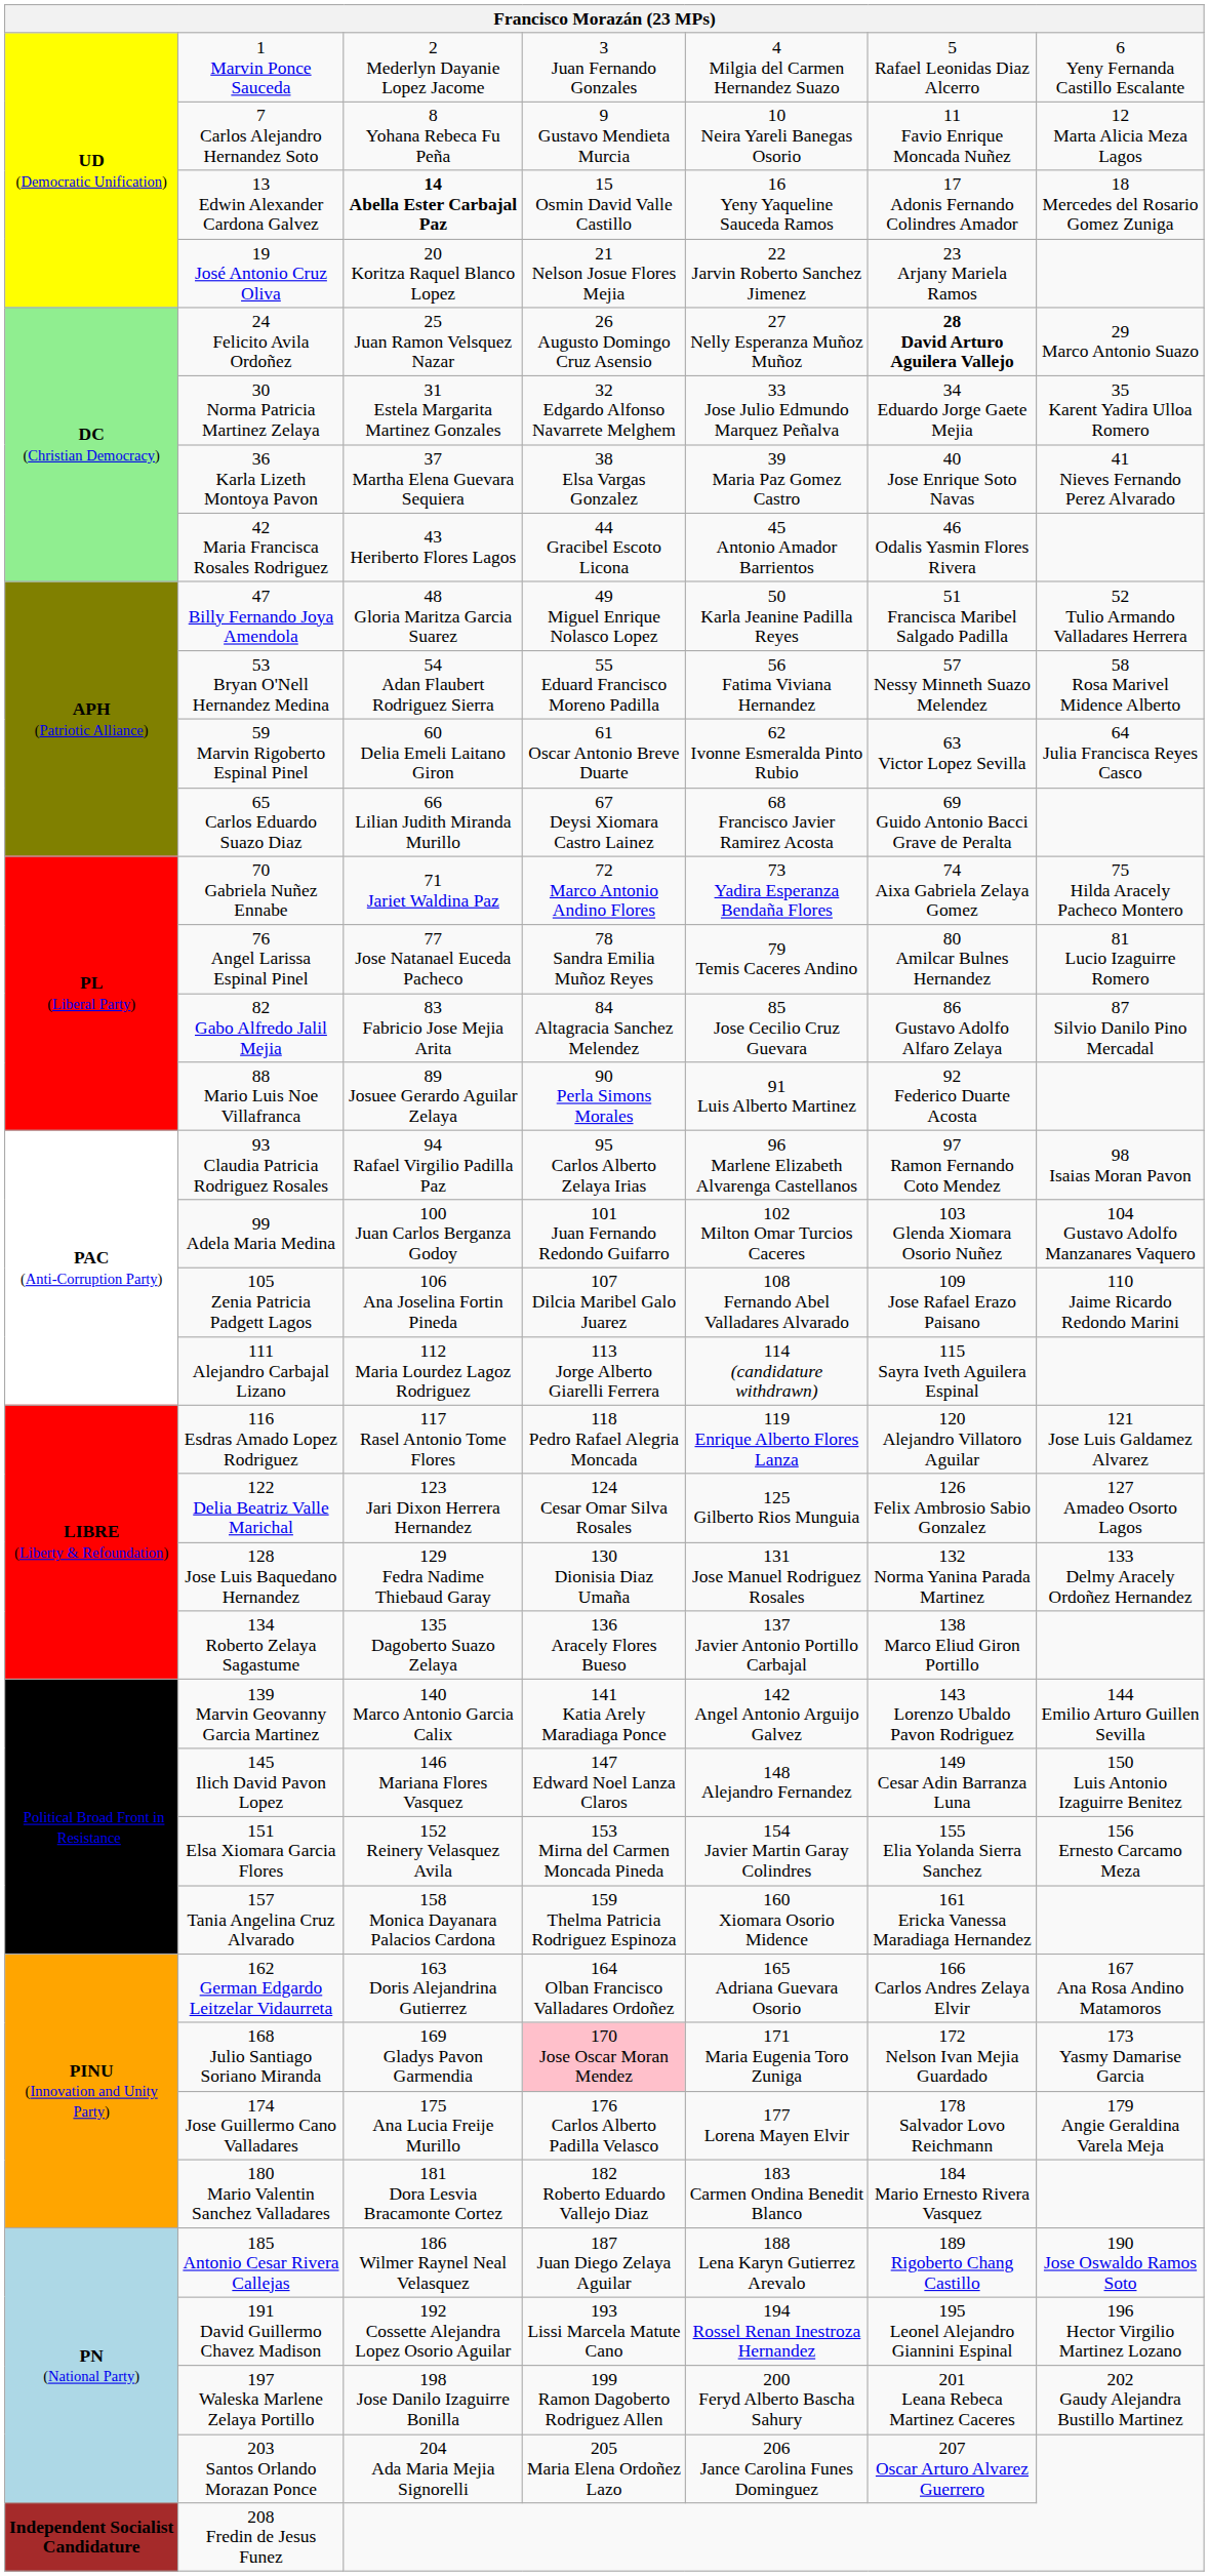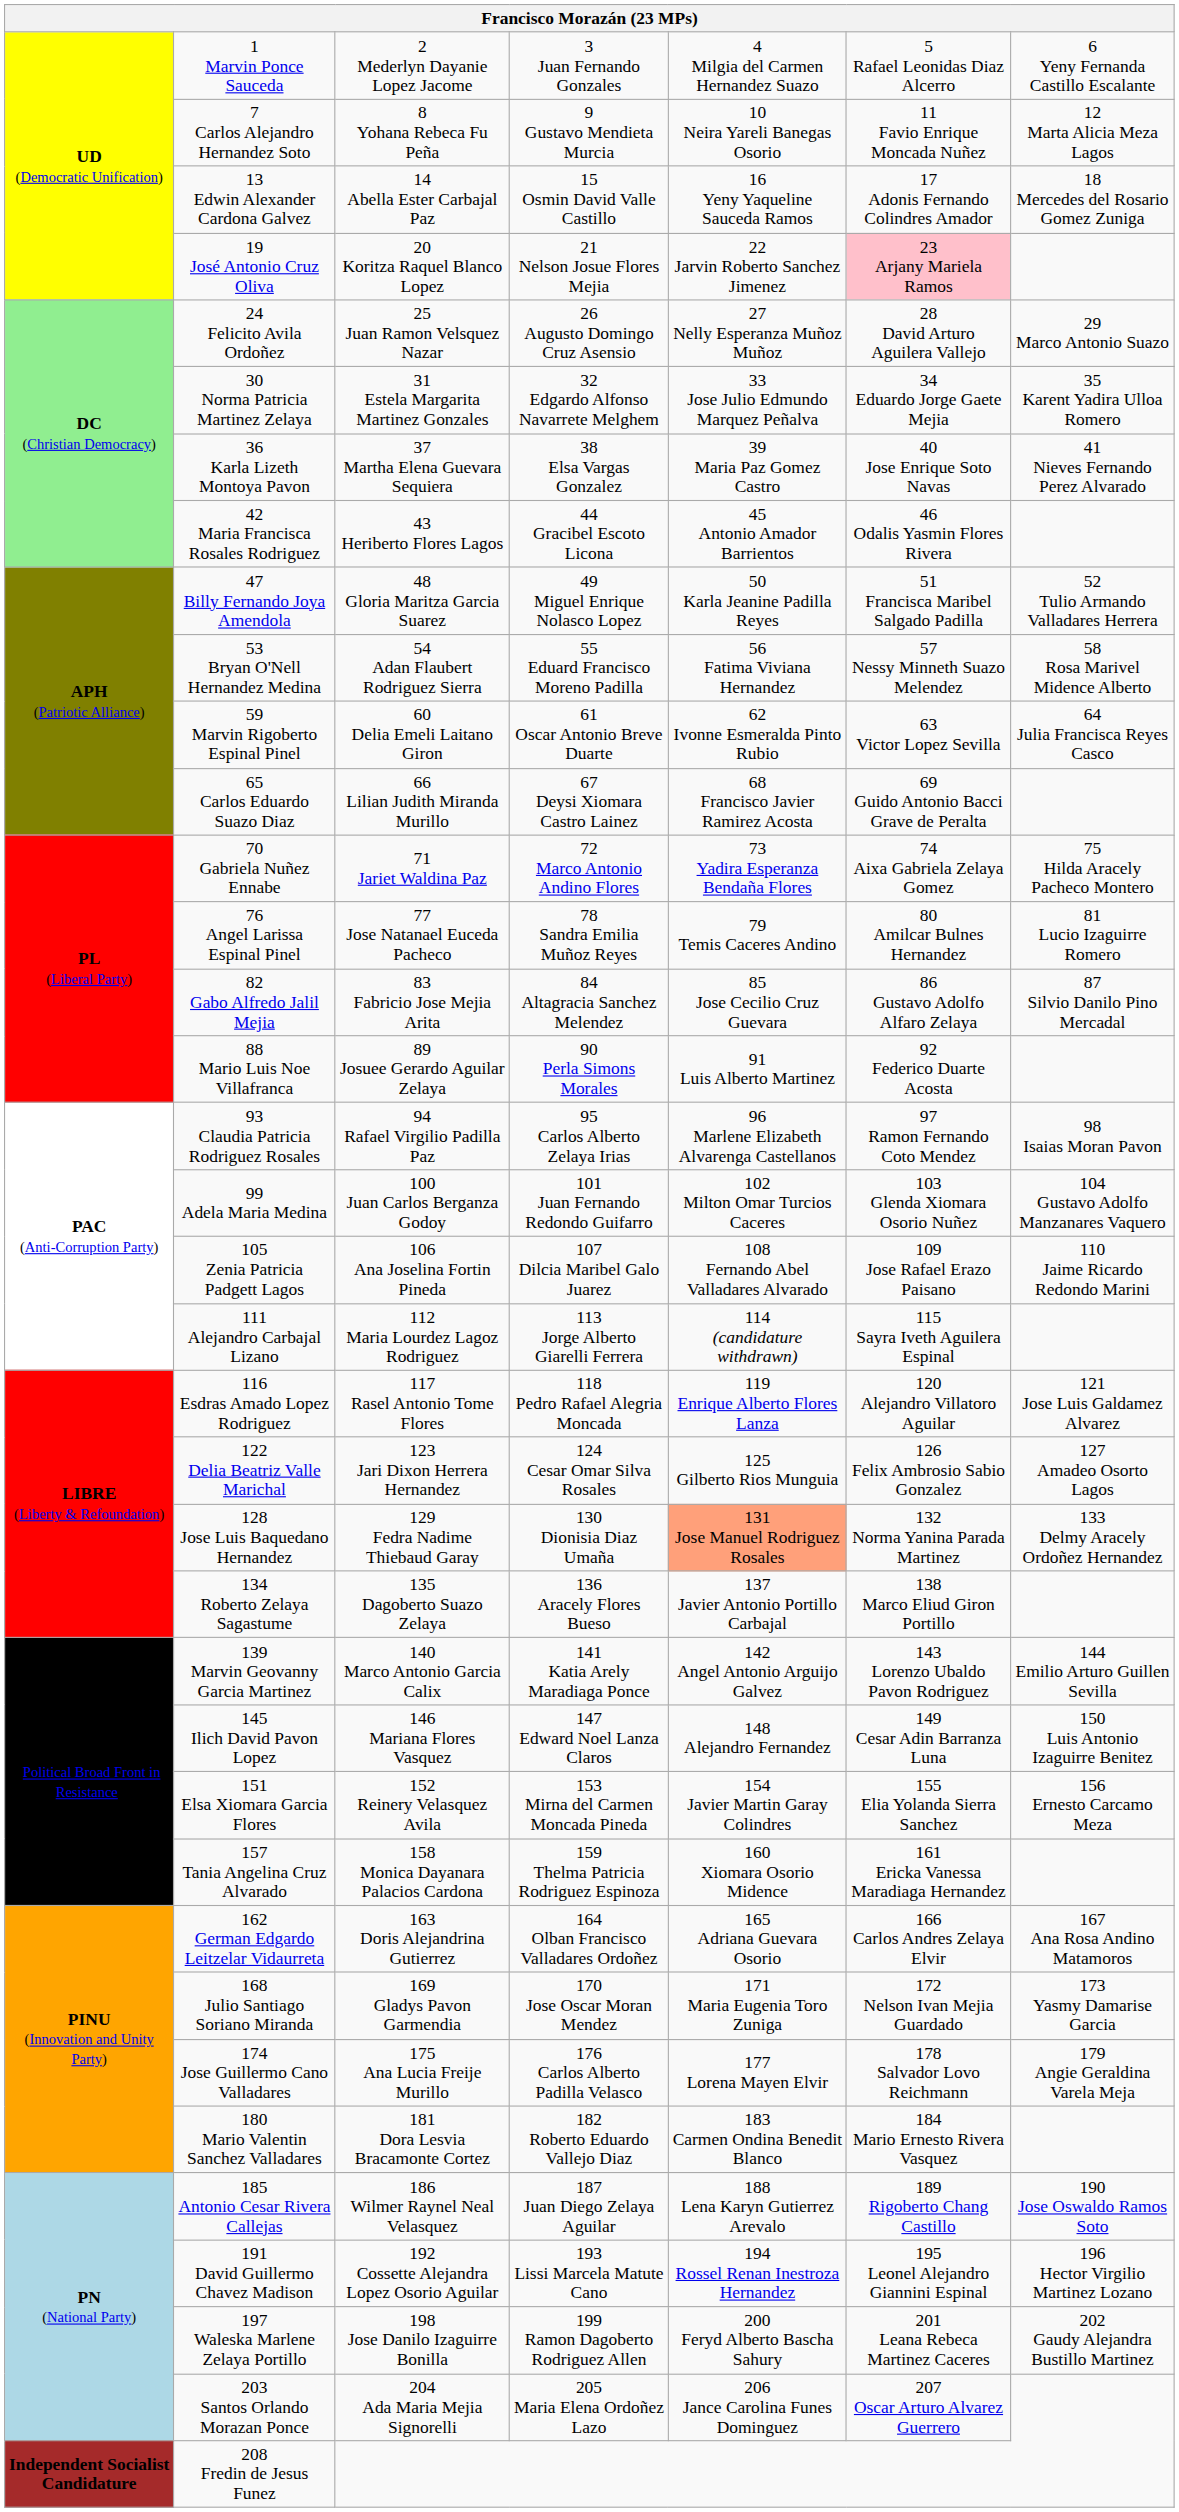 <table class="wikitable" align="center" style="width: 85%">
 <tr>
 <th colspan=24>Francisco Morazán (23 MPs)</th>
 </tr>
 <tr align="center">
 <td bgcolor="yellow" rowspan=4><span><span><strong>UD</strong></span></span><br><small>(<a href='#'>Democratic Unification</a>)</small></td>
 <td>1<br><a href='#'>Marvin Ponce Sauceda</a></td>
 <td>2<br>Mederlyn Dayanie Lopez Jacome</td>
 <td>3<br>Juan Fernando Gonzales</td>
 <td>4<br>Milgia del Carmen Hernandez Suazo</td>
 <td>5<br>Rafael Leonidas Diaz Alcerro</td>
 <td>6<br>Yeny Fernanda Castillo Escalante</td>
 </tr>
 <tr align="center">
 <td>7<br>Carlos Alejandro Hernandez Soto</td>
 <td>8<br>Yohana Rebeca Fu Peña</td>
 <td>9<br>Gustavo Mendieta Murcia</td>
 <td>10<br>Neira Yareli Banegas Osorio</td>
 <td>11<br>Favio Enrique Moncada Nuñez</td>
 <td>12<br>Marta Alicia Meza Lagos</td>
 </tr>
 <tr align="center">
 <td>13<br>Edwin Alexander Cardona Galvez</td>
-<td><strong>14<br>Abella Ester Carbajal Paz</strong></td>
+<td>14<br>Abella Ester Carbajal Paz</td>
 <td>15<br>Osmin David Valle Castillo</td>
 <td>16<br>Yeny Yaqueline Sauceda Ramos</td>
 <td>17<br>Adonis Fernando Colindres Amador</td>
 <td>18<br>Mercedes del Rosario Gomez Zuniga</td>
 </tr>
 <tr align="center">
 <td>19<br><a href='#'>José Antonio Cruz Oliva</a></td>
 <td>20<br>Koritza Raquel Blanco Lopez</td>
 <td>21<br>Nelson Josue Flores Mejia</td>
 <td>22<br>Jarvin Roberto Sanchez Jimenez</td>
-<td>23<br>Arjany Mariela Ramos</td>
+<td style="background: pink;">23<br>Arjany Mariela Ramos</td>
 </tr>
 <tr align="center">
 <td bgcolor="lightgreen" rowspan=4><span><span><strong>DC</strong></span></span><br><small>(<a href='#'>Christian Democracy</a>)</small></td>
 <td>24<br>Felicito Avila Ordoñez</td>
 <td>25<br>Juan Ramon Velsquez Nazar</td>
 <td>26<br>Augusto Domingo Cruz Asensio</td>
 <td>27<br>Nelly Esperanza Muñoz Muñoz</td>
-<td><strong>28<br>David Arturo Aguilera Vallejo</strong></td>
+<td>28<br>David Arturo Aguilera Vallejo</td>
 <td>29<br>Marco Antonio Suazo</td>
 </tr>
 <tr align="center">
 <td>30<br>Norma Patricia Martinez Zelaya</td>
 <td>31<br>Estela Margarita Martinez Gonzales</td>
 <td>32<br>Edgardo Alfonso Navarrete Melghem</td>
 <td>33<br>Jose Julio Edmundo Marquez Peñalva</td>
 <td>34<br>Eduardo Jorge Gaete Mejia</td>
 <td>35<br>Karent Yadira Ulloa Romero</td>
 </tr>
 <tr align="center">
 <td>36<br>Karla Lizeth Montoya Pavon</td>
 <td>37<br>Martha Elena Guevara Sequiera</td>
 <td>38<br>Elsa Vargas Gonzalez</td>
 <td>39<br>Maria Paz Gomez Castro</td>
 <td>40<br>Jose Enrique Soto Navas</td>
 <td>41<br>Nieves Fernando Perez Alvarado</td>
 </tr>
 <tr align="center">
 <td>42<br>Maria Francisca Rosales Rodriguez</td>
 <td>43<br>Heriberto Flores Lagos</td>
 <td>44<br>Gracibel Escoto Licona</td>
 <td>45<br>Antonio Amador Barrientos</td>
 <td>46<br>Odalis Yasmin Flores Rivera</td>
 </tr>
 <tr align="center">
 <td bgcolor="olive" rowspan=4><span><span><strong>APH</strong></span></span><br><small>(<a href='#'>Patriotic Alliance</a>)</small></td>
 <td>47<br><a href='#'>Billy Fernando Joya Amendola</a></td>
 <td>48<br>Gloria Maritza Garcia Suarez</td>
 <td>49<br>Miguel Enrique Nolasco Lopez</td>
 <td>50<br>Karla Jeanine Padilla Reyes</td>
 <td>51<br>Francisca Maribel Salgado Padilla</td>
 <td>52<br>Tulio Armando Valladares Herrera</td>
 </tr>
 <tr align="center">
 <td>53<br>Bryan O'Nell Hernandez Medina</td>
 <td>54<br>Adan Flaubert Rodriguez Sierra</td>
 <td>55<br>Eduard Francisco Moreno Padilla</td>
 <td>56<br>Fatima Viviana Hernandez</td>
 <td>57<br>Nessy Minneth Suazo Melendez</td>
 <td>58<br>Rosa Marivel Midence Alberto</td>
 </tr>
 <tr align="center">
 <td>59<br>Marvin Rigoberto Espinal Pinel</td>
 <td>60<br>Delia Emeli Laitano Giron</td>
 <td>61<br>Oscar Antonio Breve Duarte</td>
 <td>62<br>Ivonne Esmeralda Pinto Rubio</td>
 <td>63<br>Victor Lopez Sevilla</td>
 <td>64<br>Julia Francisca Reyes Casco</td>
 </tr>
 <tr align="center">
 <td>65<br>Carlos Eduardo Suazo Diaz</td>
 <td>66<br>Lilian Judith Miranda Murillo</td>
 <td>67<br>Deysi Xiomara Castro Lainez</td>
 <td>68<br>Francisco Javier Ramirez Acosta</td>
 <td>69<br>Guido Antonio Bacci Grave de Peralta</td>
 </tr>
 <tr align="center">
 <td bgcolor="red" rowspan=4><span><span><strong>PL</strong></span></span><br><small>(<a href='#'>Liberal Party</a>)</small></td>
 <td>70<br>Gabriela Nuñez Ennabe</td>
 <td>71<br><a href='#'>Jariet Waldina Paz</a></td>
 <td>72<br><a href='#'>Marco Antonio Andino Flores</a></td>
 <td>73<br><a href='#'>Yadira Esperanza Bendaña Flores</a></td>
 <td>74<br>Aixa Gabriela Zelaya Gomez</td>
 <td>75<br>Hilda Aracely Pacheco Montero</td>
 </tr>
 <tr align="center">
 <td>76<br>Angel Larissa Espinal Pinel</td>
 <td>77<br>Jose Natanael Euceda Pacheco</td>
 <td>78<br>Sandra Emilia Muñoz Reyes</td>
 <td>79<br>Temis Caceres Andino</td>
 <td>80<br>Amilcar Bulnes Hernandez</td>
 <td>81<br>Lucio Izaguirre Romero</td>
 </tr>
 <tr align="center">
 <td>82<br><a href='#'>Gabo Alfredo Jalil Mejia</a></td>
 <td>83<br>Fabricio Jose Mejia Arita</td>
 <td>84<br>Altagracia Sanchez Melendez</td>
 <td>85<br>Jose Cecilio Cruz Guevara</td>
 <td>86<br>Gustavo Adolfo Alfaro Zelaya</td>
 <td>87<br>Silvio Danilo Pino Mercadal</td>
 </tr>
 <tr align="center">
 <td>88<br>Mario Luis Noe Villafranca</td>
 <td>89<br>Josuee Gerardo Aguilar Zelaya</td>
 <td>90<br><a href='#'>Perla Simons Morales</a></td>
 <td>91<br>Luis Alberto Martinez</td>
 <td>92<br>Federico Duarte Acosta</td>
 </tr>
 <tr align="center">
 <td bgcolor="white" rowspan=4><span><span><strong>PAC</strong></span></span><br><small>(<a href='#'>Anti-Corruption Party</a>)</small></td>
 <td>93<br>Claudia Patricia Rodriguez Rosales</td>
 <td>94<br>Rafael Virgilio Padilla Paz</td>
 <td>95<br>Carlos Alberto Zelaya Irias</td>
 <td>96<br>Marlene Elizabeth Alvarenga Castellanos</td>
 <td>97<br>Ramon Fernando Coto Mendez</td>
 <td>98<br>Isaias Moran Pavon</td>
 </tr>
 <tr align="center">
 <td>99<br>Adela Maria Medina</td>
 <td>100<br>Juan Carlos Berganza Godoy</td>
 <td>101<br>Juan Fernando Redondo Guifarro</td>
 <td>102<br>Milton Omar Turcios Caceres</td>
 <td>103<br>Glenda Xiomara Osorio Nuñez</td>
 <td>104<br>Gustavo Adolfo Manzanares Vaquero</td>
 </tr>
 <tr align="center">
 <td>105<br>Zenia Patricia Padgett Lagos</td>
 <td>106<br>Ana Joselina Fortin Pineda</td>
 <td>107<br>Dilcia Maribel Galo Juarez</td>
 <td>108<br>Fernando Abel Valladares Alvarado</td>
 <td>109<br>Jose Rafael Erazo Paisano</td>
 <td>110<br>Jaime Ricardo Redondo Marini</td>
 </tr>
 <tr align="center">
 <td>111<br>Alejandro Carbajal Lizano</td>
 <td>112<br>Maria Lourdez Lagoz Rodriguez</td>
 <td>113<br>Jorge Alberto Giarelli Ferrera</td>
 <td>114<br><em>(candidature withdrawn)</em></td>
 <td>115<br>Sayra Iveth Aguilera Espinal</td>
 </tr>
 <tr align="center">
 <td bgcolor="red" rowspan=4><span><span><strong>LIBRE</strong></span></span><br><small>(<a href='#'>Liberty & Refoundation</a>)</small></td>
 <td>116<br>Esdras Amado Lopez Rodriguez</td>
 <td>117<br>Rasel Antonio Tome Flores</td>
 <td>118<br>Pedro Rafael Alegria Moncada</td>
 <td>119<br><a href='#'>Enrique Alberto Flores Lanza</a></td>
 <td>120<br>Alejandro Villatoro Aguilar</td>
 <td>121<br>Jose Luis Galdamez Alvarez</td>
 </tr>
 <tr align="center">
 <td>122<br><a href='#'>Delia Beatriz Valle Marichal</a></td>
 <td>123<br>Jari Dixon Herrera Hernandez</td>
 <td>124<br>Cesar Omar Silva Rosales</td>
 <td>125<br>Gilberto Rios Munguia</td>
 <td>126<br>Felix Ambrosio Sabio Gonzalez</td>
 <td>127<br>Amadeo Osorto Lagos</td>
 </tr>
 <tr align="center">
 <td>128<br>Jose Luis Baquedano Hernandez</td>
 <td>129<br>Fedra Nadime Thiebaud Garay</td>
 <td>130<br>Dionisia Diaz Umaña</td>
-<td>131<br>Jose Manuel Rodriguez Rosales</td>
+<td style="background: lightsalmon;">131<br>Jose Manuel Rodriguez Rosales</td>
 <td>132<br>Norma Yanina Parada Martinez</td>
 <td>133<br>Delmy Aracely Ordoñez Hernandez</td>
 </tr>
 <tr align="center">
 <td>134<br>Roberto Zelaya Sagastume</td>
 <td>135<br>Dagoberto Suazo Zelaya</td>
 <td>136<br>Aracely Flores Bueso</td>
 <td>137<br>Javier Antonio Portillo Carbajal</td>
 <td>138<br>Marco Eliud Giron Portillo</td>
 </tr>
 <tr align="center">
 <td bgcolor="black" rowspan=4><span><span><strong>FAPER</strong></span></span><br><small>(<a href='#'>Political Broad Front in Resistance</a>)</small></td>
 <td>139<br>Marvin Geovanny Garcia Martinez</td>
 <td>140<br>Marco Antonio Garcia Calix</td>
 <td>141<br>Katia Arely Maradiaga Ponce</td>
 <td>142<br>Angel Antonio Arguijo Galvez</td>
 <td>143<br>Lorenzo Ubaldo Pavon Rodriguez</td>
 <td>144<br>Emilio Arturo Guillen Sevilla</td>
 </tr>
 <tr align="center">
 <td>145<br>Ilich David Pavon Lopez</td>
 <td>146<br>Mariana Flores Vasquez</td>
 <td>147<br>Edward Noel Lanza Claros</td>
 <td>148<br>Alejandro Fernandez</td>
 <td>149<br>Cesar Adin Barranza Luna</td>
 <td>150<br>Luis Antonio Izaguirre Benitez</td>
 </tr>
 <tr align="center">
 <td>151<br>Elsa Xiomara Garcia Flores</td>
 <td>152<br>Reinery Velasquez Avila</td>
 <td>153<br>Mirna del Carmen Moncada Pineda</td>
 <td>154<br>Javier Martin Garay Colindres</td>
 <td>155<br>Elia Yolanda Sierra Sanchez</td>
 <td>156<br>Ernesto Carcamo Meza</td>
 </tr>
 <tr align="center">
 <td>157<br>Tania Angelina Cruz Alvarado</td>
 <td>158<br>Monica Dayanara Palacios Cardona</td>
 <td>159<br>Thelma Patricia Rodriguez Espinoza</td>
 <td>160<br>Xiomara Osorio Midence</td>
 <td>161<br>Ericka Vanessa Maradiaga Hernandez</td>
 </tr>
 <tr align="center">
 <td bgcolor="orange" rowspan=4><span><span><strong>PINU</strong></span></span><br><small>(<a href='#'>Innovation and Unity Party</a>)</small></td>
 <td>162<br><a href='#'>German Edgardo Leitzelar Vidaurreta</a></td>
 <td>163<br>Doris Alejandrina Gutierrez</td>
 <td>164<br>Olban Francisco Valladares Ordoñez</td>
 <td>165<br>Adriana Guevara Osorio</td>
 <td>166<br>Carlos Andres Zelaya Elvir</td>
 <td>167<br>Ana Rosa Andino Matamoros</td>
 </tr>
 <tr align="center">
 <td>168<br>Julio Santiago Soriano Miranda</td>
 <td>169<br>Gladys Pavon Garmendia</td>
-<td style="background: pink;">170<br>Jose Oscar Moran Mendez</td>
+<td>170<br>Jose Oscar Moran Mendez</td>
 <td>171<br>Maria Eugenia Toro Zuniga</td>
 <td>172<br>Nelson Ivan Mejia Guardado</td>
 <td>173<br>Yasmy Damarise Garcia</td>
 </tr>
 <tr align="center">
 <td>174<br>Jose Guillermo Cano Valladares</td>
 <td>175<br>Ana Lucia Freije Murillo</td>
 <td>176<br>Carlos Alberto Padilla Velasco</td>
 <td>177<br>Lorena Mayen Elvir</td>
 <td>178<br>Salvador Lovo Reichmann</td>
 <td>179<br>Angie Geraldina Varela Meja</td>
 </tr>
 <tr align="center">
 <td>180<br>Mario Valentin Sanchez Valladares</td>
 <td>181<br>Dora Lesvia Bracamonte Cortez</td>
 <td>182<br>Roberto Eduardo Vallejo Diaz</td>
 <td>183<br>Carmen Ondina Benedit Blanco</td>
 <td>184<br>Mario Ernesto Rivera Vasquez</td>
 </tr>
 <tr align="center">
 <td bgcolor="lightblue" rowspan=4><span><span><strong>PN</strong></span></span><br><small>(<a href='#'>National Party</a>)</small></td>
 <td>185<br><a href='#'>Antonio Cesar Rivera Callejas</a></td>
 <td>186<br>Wilmer Raynel Neal Velasquez</td>
 <td>187<br>Juan Diego Zelaya Aguilar</td>
 <td>188<br>Lena Karyn Gutierrez Arevalo</td>
 <td>189<br><a href='#'>Rigoberto Chang Castillo</a></td>
 <td>190<br><a href='#'>Jose Oswaldo Ramos Soto</a></td>
 </tr>
 <tr align="center">
 <td>191<br>David Guillermo Chavez Madison</td>
 <td>192<br>Cossette Alejandra Lopez Osorio Aguilar</td>
 <td>193<br>Lissi Marcela Matute Cano</td>
 <td>194<br><a href='#'>Rossel Renan Inestroza Hernandez</a></td>
 <td>195<br>Leonel Alejandro Giannini Espinal</td>
 <td>196<br>Hector Virgilio Martinez Lozano</td>
 </tr>
 <tr align="center">
 <td>197<br>Waleska Marlene Zelaya Portillo</td>
 <td>198<br>Jose Danilo Izaguirre Bonilla</td>
 <td>199<br>Ramon Dagoberto Rodriguez Allen</td>
 <td>200<br>Feryd Alberto Bascha Sahury</td>
 <td>201<br>Leana Rebeca Martinez Caceres</td>
 <td>202<br>Gaudy Alejandra Bustillo Martinez</td>
 </tr>
 <tr align="center">
 <td>203<br>Santos Orlando Morazan Ponce</td>
 <td>204<br>Ada Maria Mejia Signorelli</td>
 <td>205<br>Maria Elena Ordoñez Lazo</td>
 <td>206<br>Jance Carolina Funes Dominguez</td>
 <td>207<br><a href='#'>Oscar Arturo Alvarez Guerrero</a></td>
 </tr>
 <tr align="center">
 <td bgcolor="brown" rowspan=4><span><strong>Independent Socialist Candidature</strong></span></td>
 <td>208<br>Fredin de Jesus Funez</td>
 </tr>
 </table>
